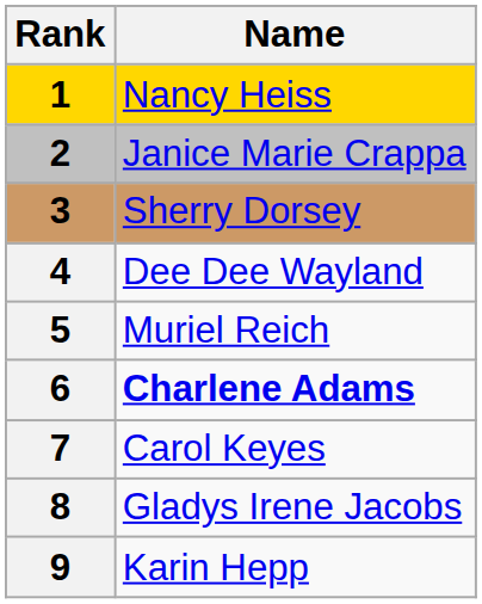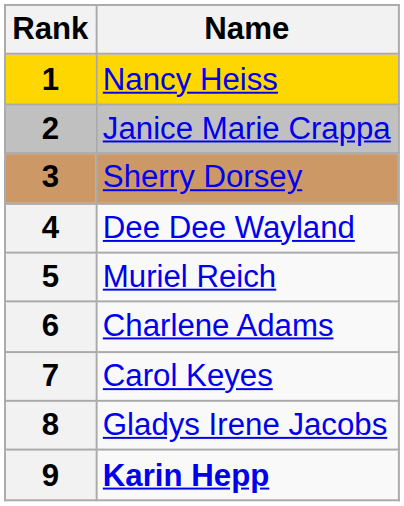 <table class="wikitable">
 <tr>
 <th>Rank</th>
 <th>Name</th>
 </tr>
 <tr bgcolor="gold">
 <td align="center"><strong>1</strong></td>
 <td><a href='#'>Nancy Heiss</a></td>
 </tr>
 <tr bgcolor="silver">
 <td align="center"><strong>2</strong></td>
 <td><a href='#'>Janice Marie Crappa</a></td>
 </tr>
 <tr bgcolor="cc9966">
 <td align="center"><strong>3</strong></td>
 <td><a href='#'>Sherry Dorsey</a></td>
 </tr>
 <tr>
 <th>4</th>
 <td><a href='#'>Dee Dee Wayland</a></td>
 </tr>
 <tr>
 <th>5</th>
 <td><a href='#'>Muriel Reich</a></td>
 </tr>
 <tr>
 <th>6</th>
-<td><strong><a href='#'>Charlene Adams</a></strong></td>
+<td><a href='#'>Charlene Adams</a></td>
 </tr>
 <tr>
 <th>7</th>
 <td><a href='#'>Carol Keyes</a></td>
 </tr>
 <tr>
 <th>8</th>
 <td><a href='#'>Gladys Irene Jacobs</a></td>
 </tr>
 <tr>
 <th>9</th>
-<td><a href='#'>Karin Hepp</a></td>
+<td><strong><a href='#'>Karin Hepp</a></strong></td>
 </tr>
 </table>
